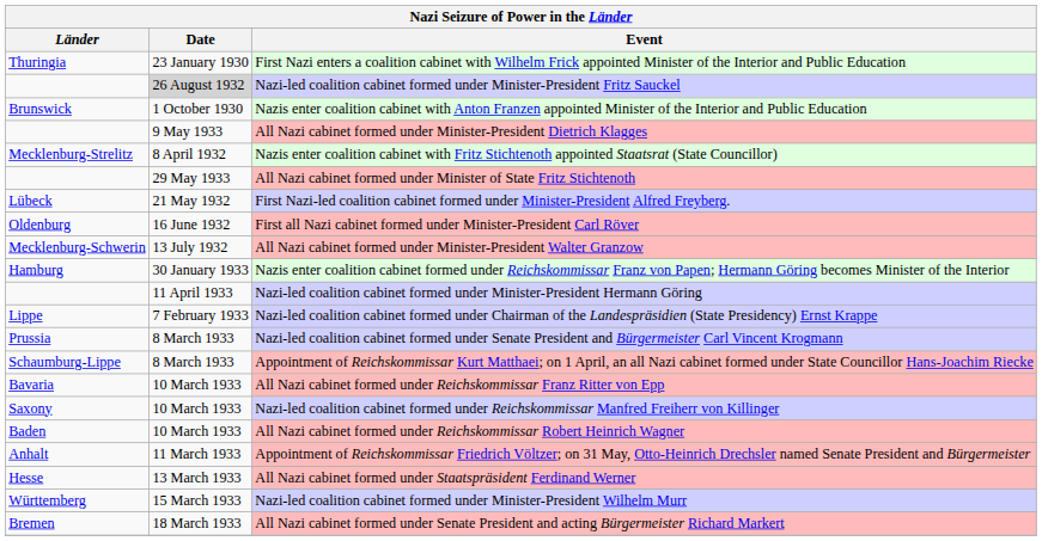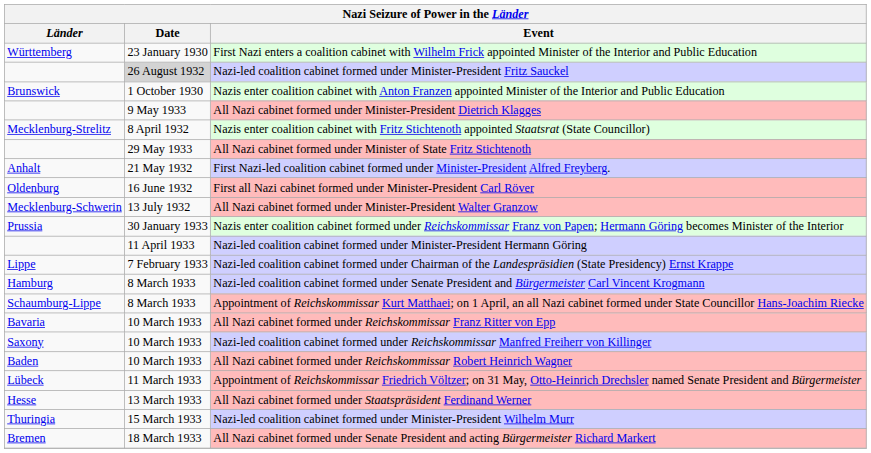 <table class="wikitable float-right">
 <tr>
 <th colspan="3">Nazi Seizure of Power in the <em><a href='#'>Länder</a></em></th>
 </tr>
 <tr>
 <th><em>Länder</em></th>
 <th>Date</th>
 <th>Event</th>
 </tr>
 <tr>
-<td><a href='#'>Thuringia</a></td>
+<td><a href='#'>Württemberg</a></td>
 <td>23 January 1930</td>
 <td style="background:#dfffdf">First Nazi enters a coalition cabinet with <a href='#'>Wilhelm Frick</a> appointed Minister of the Interior and Public Education</td>
 </tr>
 <tr>
 <td></td>
 <td style="background: lightgrey;">26 August 1932</td>
 <td style="background:#cfcfff">Nazi-led coalition cabinet formed under Minister-President <a href='#'>Fritz Sauckel</a></td>
 </tr>
 <tr>
 <td><a href='#'>Brunswick</a></td>
 <td>1 October 1930</td>
 <td style="background:#dfffdf">Nazis enter coalition cabinet with <a href='#'>Anton Franzen</a> appointed Minister of the Interior and Public Education</td>
 </tr>
 <tr>
 <td></td>
 <td>9 May 1933</td>
 <td style="background:#ffbbbb">All Nazi cabinet formed under Minister-President <a href='#'>Dietrich Klagges</a></td>
 </tr>
 <tr>
 <td><a href='#'>Mecklenburg-Strelitz</a></td>
 <td>8 April 1932</td>
 <td style="background:#dfffdf">Nazis enter coalition cabinet with <a href='#'>Fritz Stichtenoth</a> appointed <em>Staatsrat</em> (State Councillor)</td>
 </tr>
 <tr>
 <td></td>
 <td>29 May 1933</td>
 <td style="background:#ffbbbb">All Nazi cabinet formed under Minister of State <a href='#'>Fritz Stichtenoth</a></td>
 </tr>
 <tr>
-<td><a href='#'>Lübeck</a></td>
+<td><a href='#'>Anhalt</a></td>
 <td>21 May 1932</td>
 <td style="background:#cfcfff">First Nazi-led coalition cabinet formed under <a href='#'>Minister-President</a> <a href='#'>Alfred Freyberg</a>.</td>
 </tr>
 <tr>
 <td><a href='#'>Oldenburg</a></td>
 <td>16 June 1932</td>
 <td style="background:#ffbbbb">First all Nazi cabinet formed under Minister-President <a href='#'>Carl Röver</a></td>
 </tr>
 <tr>
 <td><a href='#'>Mecklenburg-Schwerin</a></td>
 <td>13 July 1932</td>
 <td style="background:#ffbbbb">All Nazi cabinet formed under Minister-President <a href='#'>Walter Granzow</a></td>
 </tr>
 <tr>
-<td><a href='#'>Hamburg</a></td>
+<td><a href='#'>Prussia</a></td>
 <td>30 January 1933</td>
 <td style="background:#dfffdf">Nazis enter coalition cabinet formed under <em><a href='#'>Reichskommissar</a></em> <a href='#'>Franz von Papen</a>; <a href='#'>Hermann Göring</a> becomes  Minister of the Interior</td>
 </tr>
 <tr>
 <td></td>
 <td>11 April 1933</td>
 <td style="background:#cfcfff">Nazi-led coalition cabinet formed under Minister-President Hermann Göring</td>
 </tr>
 <tr>
 <td><a href='#'>Lippe</a></td>
 <td>7 February 1933</td>
 <td style="background:#cfcfff">Nazi-led coalition cabinet formed under Chairman of the <em>Landespräsidien</em> (State Presidency) <a href='#'>Ernst Krappe</a></td>
 </tr>
 <tr>
-<td><a href='#'>Prussia</a></td>
+<td><a href='#'>Hamburg</a></td>
 <td>8 March 1933</td>
 <td style="background:#cfcfff">Nazi-led coalition cabinet formed under Senate President and <em><a href='#'>Bürgermeister</a></em> <a href='#'>Carl Vincent Krogmann</a></td>
 </tr>
 <tr>
 <td><a href='#'>Schaumburg-Lippe</a></td>
 <td>8 March 1933</td>
 <td style="background:#ffbbbb">Appointment of <em>Reichskommissar</em> <a href='#'>Kurt Matthaei</a>; on 1 April, an all Nazi cabinet formed under State Councillor <a href='#'>Hans-Joachim Riecke</a></td>
 </tr>
 <tr>
 <td><a href='#'>Bavaria</a></td>
 <td>10 March 1933</td>
 <td style="background:#ffbbbb">All Nazi cabinet formed under <em>Reichskommissar</em> <a href='#'>Franz Ritter von Epp</a></td>
 </tr>
 <tr>
 <td><a href='#'>Saxony</a></td>
 <td>10 March 1933</td>
 <td style="background:#cfcfff">Nazi-led coalition cabinet formed under <em>Reichskommissar</em> <a href='#'>Manfred Freiherr von Killinger</a></td>
 </tr>
 <tr>
 <td><a href='#'>Baden</a></td>
 <td>10 March 1933</td>
 <td style="background:#ffbbbb">All Nazi cabinet formed under <em>Reichskommissar</em> <a href='#'>Robert Heinrich Wagner</a></td>
 </tr>
 <tr>
-<td><a href='#'>Anhalt</a></td>
+<td><a href='#'>Lübeck</a></td>
 <td>11 March 1933</td>
 <td style="background:#ffbbbb">Appointment of <em>Reichskommissar</em> <a href='#'>Friedrich Völtzer</a>; on 31 May, <a href='#'>Otto-Heinrich Drechsler</a> named Senate President and <em>Bürgermeister</em></td>
 </tr>
 <tr>
 <td><a href='#'>Hesse</a></td>
 <td>13 March 1933</td>
 <td style="background:#ffbbbb">All Nazi cabinet formed under <em>Staatspräsident</em> <a href='#'>Ferdinand Werner</a></td>
 </tr>
 <tr>
-<td><a href='#'>Württemberg</a></td>
+<td><a href='#'>Thuringia</a></td>
 <td>15 March 1933</td>
 <td style="background:#cfcfff">Nazi-led coalition cabinet formed under Minister-President <a href='#'>Wilhelm Murr</a></td>
 </tr>
 <tr>
 <td><a href='#'>Bremen</a></td>
 <td>18 March 1933</td>
 <td style="background:#ffbbbb">All Nazi cabinet formed under Senate President and acting <em>Bürgermeister</em> <a href='#'>Richard Markert</a></td>
 </tr>
 <tr>
 </tr>
 </table>
